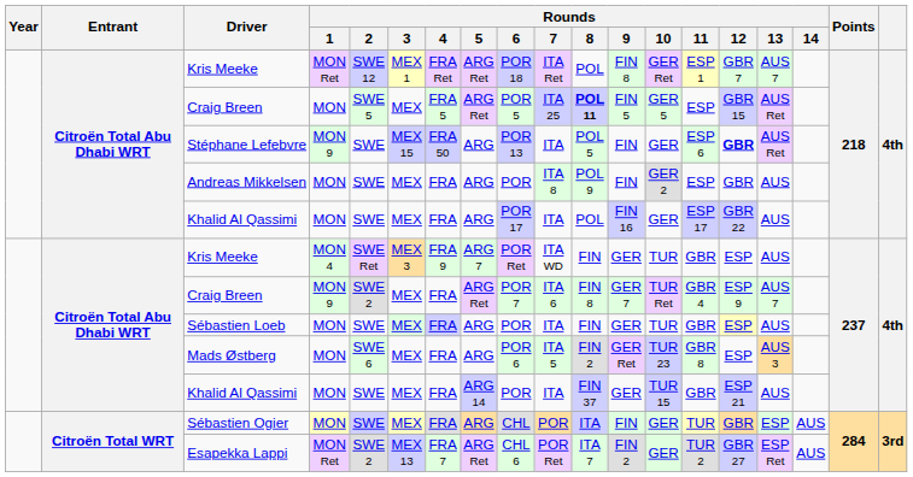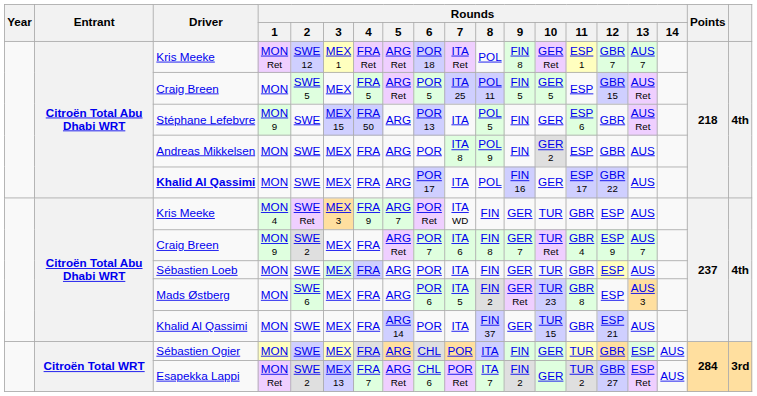 <table class="wikitable" style="text-align:center; font-size:85%">
 <tr>
 <th rowspan="2">Year</th>
 <th rowspan="2">Entrant</th>
 <th rowspan="2">Driver</th>
 <th colspan="14">Rounds</th>
 <th rowspan="2">Points</th>
 <th rowspan="2"></th>
 </tr>
 <tr>
 <th>1</th>
 <th>2</th>
 <th>3</th>
 <th>4</th>
 <th>5</th>
 <th>6</th>
 <th>7</th>
 <th>8</th>
 <th>9</th>
 <th>10</th>
 <th>11</th>
 <th>12</th>
 <th>13</th>
 <th>14</th>
 </tr>
 <tr>
 <td rowspan="5"></td>
 <th rowspan="5"> <a href='#'>Citroën Total Abu Dhabi WRT</a></th>
 <td style="text-align:left;"> <a href='#'>Kris Meeke</a></td>
 <td style="background:#EFCFFF;"><a href='#'>MON</a><br><small>Ret</small></td>
 <td style="background:#CFCFFF;"><a href='#'>SWE</a><br><small>12</small></td>
 <td style="background:#FFFFBF;"><a href='#'>MEX</a><br><small>1</small></td>
 <td style="background:#EFCFFF;"><a href='#'>FRA</a><br><small>Ret</small></td>
 <td style="background:#EFCFFF;"><a href='#'>ARG</a><br><small>Ret</small></td>
 <td style="background:#CFCFFF;"><a href='#'>POR</a><br><small>18</small></td>
 <td style="background:#EFCFFF;"><a href='#'>ITA</a><br><small>Ret</small></td>
 <td><a href='#'>POL</a></td>
 <td style="background:#DFFFDF;"><a href='#'>FIN</a><br><small>8</small></td>
 <td style="background:#EFCFFF;"><a href='#'>GER</a><br><small>Ret</small></td>
 <td style="background:#FFFFBF;"><a href='#'>ESP</a><br><small>1</small></td>
 <td style="background:#DFFFDF;"><a href='#'>GBR</a><br><small>7</small></td>
 <td style="background:#DFFFDF;"><a href='#'>AUS</a><br><small>7</small></td>
 <td></td>
 <th rowspan="5">218</th>
 <th rowspan="5">4th</th>
 </tr>
 <tr>
 <td style="text-align:left;"> <a href='#'>Craig Breen</a></td>
 <td><a href='#'>MON</a></td>
 <td style="background:#DFFFDF;"><a href='#'>SWE</a><br><small>5</small></td>
 <td><a href='#'>MEX</a></td>
 <td style="background:#DFFFDF;"><a href='#'>FRA</a><br><small>5</small></td>
 <td style="background:#EFCFFF;"><a href='#'>ARG</a><br><small>Ret</small></td>
 <td style="background:#DFFFDF;"><a href='#'>POR</a><br><small>5</small></td>
 <td style="background:#CFCFFF;"><a href='#'>ITA</a><br><small>25</small></td>
-<td style="background:#CFCFFF;"><strong><a href='#'>POL</a><br><small>11</small></strong></td>
+<td style="background:#CFCFFF;"><a href='#'>POL</a><br><small>11</small></td>
 <td style="background:#DFFFDF;"><a href='#'>FIN</a><br><small>5</small></td>
 <td style="background:#DFFFDF;"><a href='#'>GER</a><br><small>5</small></td>
 <td><a href='#'>ESP</a></td>
 <td style="background:#CFCFFF;"><a href='#'>GBR</a><br><small>15</small></td>
 <td style="background:#EFCFFF;"><a href='#'>AUS</a><br><small>Ret</small></td>
 <td></td>
 </tr>
 <tr>
 <td align="left" nowrap> <a href='#'>Stéphane Lefebvre</a></td>
 <td style="background:#DFFFDF;"><a href='#'>MON</a><br><small>9</small></td>
 <td><a href='#'>SWE</a></td>
 <td style="background:#CFCFFF;"><a href='#'>MEX</a><br><small>15</small></td>
 <td style="background:#CFCFFF;"><a href='#'>FRA</a><br><small>50</small></td>
 <td><a href='#'>ARG</a></td>
 <td style="background:#CFCFFF;"><a href='#'>POR</a><br><small>13</small></td>
 <td><a href='#'>ITA</a></td>
 <td style="background:#DFFFDF;"><a href='#'>POL</a><br><small>5</small></td>
 <td><a href='#'>FIN</a></td>
 <td><a href='#'>GER</a></td>
 <td style="background:#DFFFDF;"><a href='#'>ESP</a><br><small>6</small></td>
-<td><strong><a href='#'>GBR</a></strong></td>
+<td><a href='#'>GBR</a></td>
 <td style="background:#EFCFFF;"><a href='#'>AUS</a><br><small>Ret</small></td>
 <td></td>
 </tr>
 <tr>
 <td align="left" nowrap> <a href='#'>Andreas Mikkelsen</a></td>
 <td><a href='#'>MON</a></td>
 <td><a href='#'>SWE</a></td>
 <td><a href='#'>MEX</a></td>
 <td><a href='#'>FRA</a></td>
 <td><a href='#'>ARG</a></td>
 <td><a href='#'>POR</a></td>
 <td style="background:#DFFFDF;"><a href='#'>ITA</a><br><small>8</small></td>
 <td style="background:#DFFFDF;"><a href='#'>POL</a><br><small>9</small></td>
 <td><a href='#'>FIN</a></td>
 <td style="background:#DFDFDF;"><a href='#'>GER</a><br><small>2</small></td>
 <td><a href='#'>ESP</a></td>
 <td><a href='#'>GBR</a></td>
 <td><a href='#'>AUS</a></td>
 <td></td>
 </tr>
 <tr>
-<td align="left" nowrap> <a href='#'>Khalid Al Qassimi</a></td>
+<td align="left" nowrap><strong> <a href='#'>Khalid Al Qassimi</a></strong></td>
 <td><a href='#'>MON</a></td>
 <td><a href='#'>SWE</a></td>
 <td><a href='#'>MEX</a></td>
 <td><a href='#'>FRA</a></td>
 <td><a href='#'>ARG</a></td>
 <td style="background:#CFCFFF;"><a href='#'>POR</a><br><small>17</small></td>
 <td><a href='#'>ITA</a></td>
 <td><a href='#'>POL</a></td>
 <td style="background:#CFCFFF;"><a href='#'>FIN</a><br><small>16</small></td>
 <td><a href='#'>GER</a></td>
 <td style="background:#CFCFFF;"><a href='#'>ESP</a><br><small>17</small></td>
 <td style="background:#CFCFFF;"><a href='#'>GBR</a><br><small>22</small></td>
 <td><a href='#'>AUS</a></td>
 <td></td>
 </tr>
 <tr>
 <td rowspan="5"></td>
 <th rowspan="5"> <a href='#'>Citroën Total Abu Dhabi WRT</a></th>
 <td style="text-align:left;"> <a href='#'>Kris Meeke</a></td>
 <td style="background:#DFFFDF;"><a href='#'>MON</a><br><small>4</small></td>
 <td style="background:#EFCFFF;"><a href='#'>SWE</a><br><small>Ret</small></td>
 <td style="background:#FFDF9F;"><a href='#'>MEX</a><br><small>3</small></td>
 <td style="background:#DFFFDF;"><a href='#'>FRA</a><br><small>9</small></td>
 <td style="background:#DFFFDF;"><a href='#'>ARG</a><br><small>7</small></td>
 <td style="background:#EFCFFF;"><a href='#'>POR</a><br><small>Ret</small></td>
 <td><a href='#'>ITA</a><br><small>WD</small></td>
 <td><a href='#'>FIN</a></td>
 <td><a href='#'>GER</a></td>
 <td><a href='#'>TUR</a></td>
 <td><a href='#'>GBR</a></td>
 <td><a href='#'>ESP</a></td>
 <td><a href='#'>AUS</a></td>
 <td></td>
 <th rowspan="5">237</th>
 <th rowspan="5">4th</th>
 </tr>
 <tr>
 <td style="text-align:left;"> <a href='#'>Craig Breen</a></td>
 <td style="background:#DFFFDF;"><a href='#'>MON</a><br><small>9</small></td>
 <td style="background:#dfdfdf;"><a href='#'>SWE</a><br><small>2</small></td>
 <td><a href='#'>MEX</a></td>
 <td><a href='#'>FRA</a></td>
 <td style="background:#EFCFFF;"><a href='#'>ARG</a><br><small>Ret</small></td>
 <td style="background:#DFFFDF;"><a href='#'>POR</a><br><small>7</small></td>
 <td style="background:#DFFFDF;"><a href='#'>ITA</a><br><small>6</small></td>
 <td style="background:#DFFFDF;"><a href='#'>FIN</a><br><small>8</small></td>
 <td style="background:#DFFFDF;"><a href='#'>GER</a><br><small>7</small></td>
 <td style="background:#EFCFFF;"><a href='#'>TUR</a><br><small>Ret</small></td>
 <td style="background:#DFFFDF;"><a href='#'>GBR</a><br><small>4</small></td>
 <td style="background:#DFFFDF;"><a href='#'>ESP</a><br><small>9</small></td>
 <td style="background:#DFFFDF;"><a href='#'>AUS</a><br><small>7</small></td>
 <td></td>
 </tr>
 <tr>
 <td style="text-align:left;"> <a href='#'>Sébastien Loeb</a></td>
 <td><a href='#'>MON</a></td>
 <td><a href='#'>SWE</a></td>
 <td style="background:#DFFFDF;"><a href='#'>MEX</a><br></td>
 <td style="background:#cfcfff;"><a href='#'>FRA</a><br></td>
 <td><a href='#'>ARG</a></td>
 <td><a href='#'>POR</a></td>
 <td><a href='#'>ITA</a></td>
 <td><a href='#'>FIN</a></td>
 <td><a href='#'>GER</a></td>
 <td><a href='#'>TUR</a></td>
 <td><a href='#'>GBR</a></td>
 <td style="background:#FFFFBF;"><a href='#'>ESP</a><br></td>
 <td><a href='#'>AUS</a></td>
 <td></td>
 </tr>
 <tr>
 <td style="text-align:left;"> <a href='#'>Mads Østberg</a></td>
 <td><a href='#'>MON</a></td>
 <td style="background:#DFFFDF;"><a href='#'>SWE</a><br><small>6</small></td>
 <td><a href='#'>MEX</a></td>
 <td><a href='#'>FRA</a></td>
 <td><a href='#'>ARG</a></td>
 <td style="background:#DFFFDF;"><a href='#'>POR</a><br><small>6</small></td>
 <td style="background:#DFFFDF;"><a href='#'>ITA</a><br><small>5</small></td>
 <td style="background:#DFDFDF;"><a href='#'>FIN</a><br><small>2</small></td>
 <td style="background:#EFCFFF;"><a href='#'>GER</a><br><small>Ret</small></td>
 <td style="background:#CFCFFF;"><a href='#'>TUR</a><br><small>23</small></td>
 <td style="background:#DFFFDF;"><a href='#'>GBR</a><br><small>8</small></td>
 <td><a href='#'>ESP</a></td>
 <td style="background:#FFDF9F;"><a href='#'>AUS</a><br><small>3</small></td>
 <td></td>
 </tr>
 <tr>
 <td style="text-align:left;"> <a href='#'>Khalid Al Qassimi</a></td>
 <td><a href='#'>MON</a></td>
 <td><a href='#'>SWE</a></td>
 <td><a href='#'>MEX</a></td>
 <td><a href='#'>FRA</a></td>
 <td style="background:#CFCFFF;"><a href='#'>ARG</a><br><small>14</small></td>
 <td><a href='#'>POR</a></td>
 <td><a href='#'>ITA</a></td>
 <td style="background:#CFCFFF;"><a href='#'>FIN</a><br><small>37</small></td>
 <td><a href='#'>GER</a></td>
 <td style="background:#CFCFFF;"><a href='#'>TUR</a><br><small>15</small></td>
 <td><a href='#'>GBR</a></td>
 <td style="background:#CFCFFF;"><a href='#'>ESP</a><br><small>21</small></td>
 <td><a href='#'>AUS</a></td>
 <td></td>
 </tr>
 <tr>
 <td rowspan="2"></td>
 <th rowspan="2"> <a href='#'>Citroën Total WRT</a></th>
 <td style="text-align:left;"> <a href='#'>Sébastien Ogier</a></td>
 <td style="background:#FFFFBF;"><a href='#'>MON</a><br></td>
 <td style="background:#CFCFFF;"><a href='#'>SWE</a><br></td>
 <td style="background:#FFFFBF;"><a href='#'>MEX</a><br></td>
 <td style="background:#DFDFDF;"><a href='#'>FRA</a><br></td>
 <td style="background:#FFDF9F;"><a href='#'>ARG</a><br></td>
 <td style="background:#DFDFDF;"><a href='#'>CHL</a><br></td>
 <td style="background:#FFDF9F;"><a href='#'>POR</a><br></td>
 <td style="background:#CFCFFF;"><a href='#'>ITA</a><br></td>
 <td style="background:#dfffdf;"><a href='#'>FIN</a><br></td>
 <td style="background:#dfffdf;"><a href='#'>GER</a><br></td>
 <td style="background:#FFFFBF;"><a href='#'>TUR</a><br></td>
 <td style="background:#FFDF9F;"><a href='#'>GBR</a><br></td>
 <td style="background:#dfffdf;"><a href='#'>ESP</a><br></td>
 <td><a href='#'>AUS</a><br></td>
 <th style="background:#FFDF9F" rowspan="2">284</th>
 <th style="background:#FFDF9F" rowspan="2">3rd</th>
 </tr>
 <tr>
 <td style="text-align:left;"> <a href='#'>Esapekka Lappi</a></td>
 <td style="background:#efcfff;"><a href='#'>MON</a><br><small>Ret</small></td>
 <td style="background:#DFDFDF;"><a href='#'>SWE</a><br><small>2</small></td>
 <td style="background:#cfcfff;"><a href='#'>MEX</a><br><small>13</small></td>
 <td style="background:#dfffdf;"><a href='#'>FRA</a><br><small>7</small></td>
 <td style="background:#efcfff;"><a href='#'>ARG</a><br><small>Ret</small></td>
 <td style="background:#dfffdf;"><a href='#'>CHL</a><br><small>6</small></td>
 <td style="background:#efcfff;"><a href='#'>POR</a><br><small>Ret</small></td>
 <td style="background:#dfffdf;"><a href='#'>ITA</a><br><small>7</small></td>
 <td style="background:#DFDFDF;"><a href='#'>FIN</a><br><small>2</small></td>
 <td style="background:#dfffdf;"><a href='#'>GER</a><br></td>
 <td style="background:#DFDFDF;"><a href='#'>TUR</a><br><small>2</small></td>
 <td style="background:#CFCFFF;"><a href='#'>GBR</a><br><small>27</small></td>
 <td style="background:#efcfff;"><a href='#'>ESP</a><br><small>Ret</small></td>
 <td><a href='#'>AUS</a><br></td>
 </tr>
 </table>
